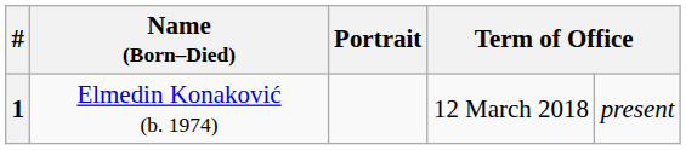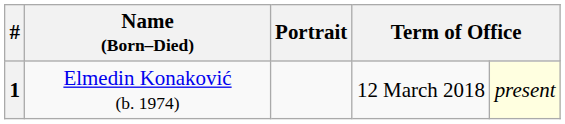 <table class="wikitable" style="text-align:center">
 <tr ->
 <th>#</th>
 <th width=180>Name<br><small>(Born–Died)</small></th>
 <th>Portrait</th>
 <th colspan=2>Term of Office</th>
 </tr>
 <tr ->
 <th align=center style="background: ">1</th>
 <td><a href='#'>Elmedin Konaković</a><br><small>(b. 1974)</small></td>
 <td></td>
 <td>12 March 2018</td>
-<td><em>present</em></td>
+<td style="background: lightyellow;"><em>present</em></td>
 </tr>
 </table>
